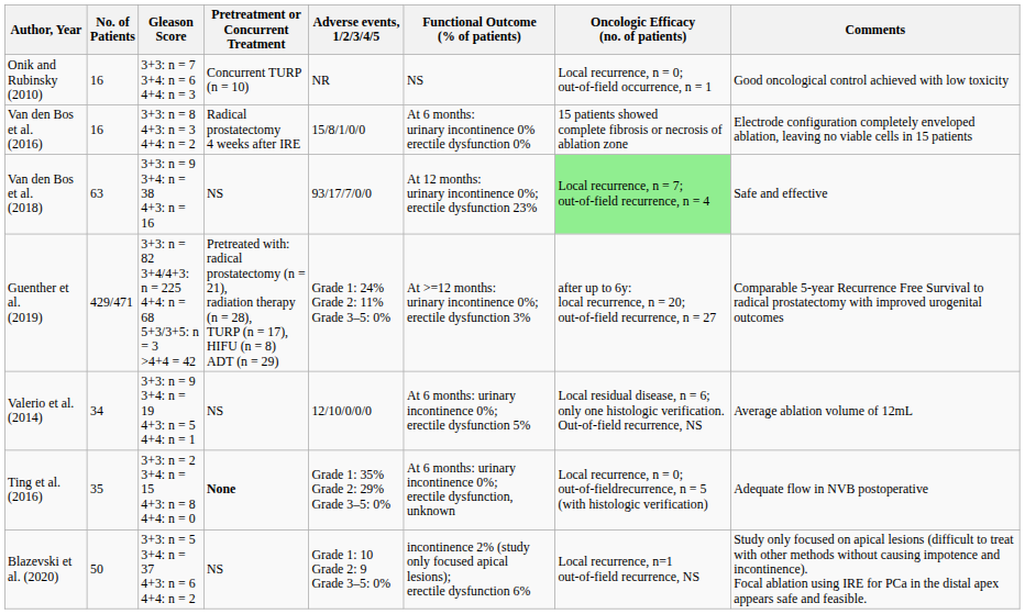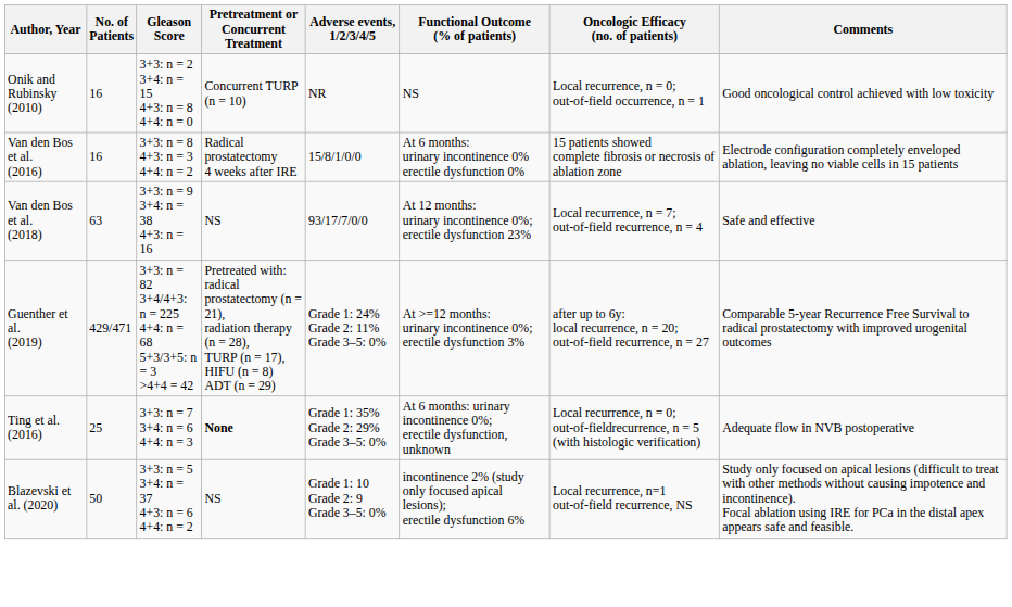 <table class="wikitable">
 <tr>
 <th>Author, Year</th>
 <th>No. of<br>Patients</th>
 <th>Gleason Score</th>
 <th>Pretreatment or<br>Concurrent Treatment</th>
 <th>Adverse events, 1/2/3/4/5</th>
 <th>Functional Outcome<br>(% of patients)</th>
 <th>Oncologic Efficacy<br>(no. of patients)</th>
 <th>Comments</th>
 </tr>
 <tr>
 <td>Onik and Rubinsky<br>(2010)</td>
 <td>16</td>
-<td>3+3: n = 7<br>3+4: n = 6<br>4+4: n = 3</td>
+<td>3+3: n = 2<br>3+4: n = 15<br>4+3: n = 8<br>4+4: n = 0</td>
 <td>Concurrent TURP (n = 10)</td>
 <td>NR</td>
 <td>NS</td>
 <td>Local recurrence, n = 0;<br>out-of-field occurrence, n = 1</td>
 <td>Good oncological control achieved with low toxicity</td>
 </tr>
 <tr>
 <td>Van den Bos et al.<br>(2016)</td>
 <td>16</td>
 <td>3+3: n = 8<br>4+3: n = 3<br>4+4: n = 2</td>
 <td>Radical prostatectomy<br>4 weeks after IRE</td>
 <td>15/8/1/0/0</td>
 <td>At 6 months:<br>urinary incontinence 0% erectile dysfunction 0%</td>
 <td>15 patients showed<br>complete fibrosis or necrosis of ablation zone</td>
 <td>Electrode configuration completely enveloped ablation, leaving no viable cells in 15 patients</td>
 </tr>
 <tr>
 <td>Van den Bos et al.<br>(2018)</td>
 <td>63</td>
 <td>3+3: n = 9<br>3+4: n = 38<br>4+3: n = 16</td>
 <td>NS</td>
 <td>93/17/7/0/0</td>
 <td>At 12 months:<br>urinary incontinence 0%;<br>erectile dysfunction 23%</td>
-<td style="background: lightgreen;">Local recurrence, n = 7;<br>out-of-field recurrence, n = 4</td>
+<td>Local recurrence, n = 7;<br>out-of-field recurrence, n = 4</td>
 <td>Safe and effective</td>
 </tr>
 <tr>
 <td>Guenther et al.<br>(2019)</td>
 <td>429/471</td>
 <td>3+3: n = 82<br>3+4/4+3:<br>n = 225<br>4+4: n = 68<br>5+3/3+5: n = 3<br>>4+4 = 42</td>
 <td>Pretreated with: radical<br>prostatectomy (n = 21),<br>radiation therapy (n = 28),<br>TURP (n = 17),<br>HIFU (n = 8)<br>ADT (n = 29)</td>
 <td>Grade 1: 24%<br>Grade 2: 11%<br>Grade 3–5: 0%</td>
 <td>At >=12 months:<br>urinary incontinence 0%;<br>erectile dysfunction 3%</td>
 <td>after up to 6y:<br>local recurrence, n = 20;<br>out-of-field recurrence, n = 27</td>
 <td>Comparable 5-year Recurrence Free Survival to radical prostatectomy with improved urogenital outcomes</td>
 </tr>
 <tr>
-<td>Valerio et al.<br>(2014)</td>
-<td>34</td>
-<td>3+3: n = 9<br>3+4: n = 19<br>4+3: n = 5<br>4+4: n = 1</td>
-<td>NS</td>
-<td>12/10/0/0/0</td>
-<td>At 6 months: urinary<br>incontinence 0%;<br>erectile dysfunction 5%</td>
-<td>Local residual disease, n = 6;<br>only one histologic verification. Out-of-field recurrence, NS</td>
-<td>Average ablation volume of 12mL</td>
-</tr>
-<tr>
 <td>Ting et al.<br>(2016)</td>
-<td>35</td>
-<td>3+3: n = 2<br>3+4: n = 15<br>4+3: n = 8<br>4+4: n = 0</td>
+<td>25</td>
+<td>3+3: n = 7<br>3+4: n = 6<br>4+4: n = 3</td>
 <td><strong>None</strong></td>
 <td>Grade 1: 35%<br>Grade 2: 29%<br>Grade 3–5: 0%</td>
 <td>At 6 months: urinary<br>incontinence 0%;<br>erectile dysfunction, unknown</td>
 <td>Local recurrence, n = 0;<br>out-of-fieldrecurrence, n = 5 (with histologic verification)</td>
 <td>Adequate flow in NVB postoperative</td>
 </tr>
 <tr>
 <td>Blazevski et al. (2020)</td>
 <td>50</td>
 <td>3+3: n = 5<br>3+4: n = 37<br>4+3: n = 6<br>4+4: n = 2</td>
 <td>NS</td>
 <td>Grade 1: 10<br>Grade 2: 9<br>Grade 3–5: 0%</td>
 <td>incontinence 2% (study only focused apical lesions);<br>erectile dysfunction 6%</td>
 <td>Local recurrence, n=1<br>out-of-field recurrence, NS</td>
 <td>Study only focused on apical lesions (difficult to treat with other methods without causing impotence and incontinence).<br>Focal ablation using IRE for PCa in the distal apex appears safe and feasible.</td>
 </tr>
 </table>
